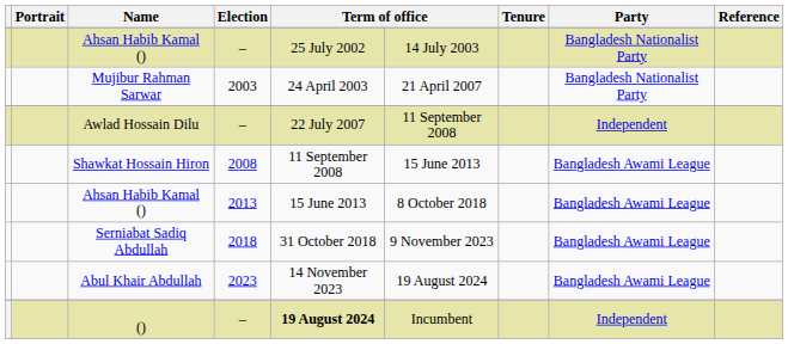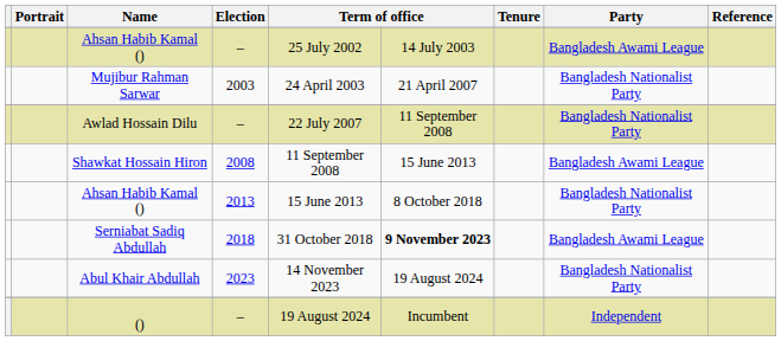 <table class="wikitable" style="text-align:center">
 <tr>
 <th></th>
 <th>Portrait</th>
 <th>Name<br></th>
 <th>Election</th>
 <th colspan=2>Term of office</th>
 <th>Tenure</th>
 <th>Party</th>
 <th>Reference</th>
 </tr>
 <tr>
 </tr>
 <tr style="background:#e6e6aa;">
 <td bgcolor=></td>
 <td align=center></td>
 <td><a href='#'>Ahsan Habib Kamal</a><br> ()</td>
 <td>–</td>
 <td align=center>25 July 2002</td>
 <td align=center>14 July 2003</td>
 <td></td>
-<td><a href='#'>Bangladesh Nationalist Party</a></td>
+<td><a href='#'>Bangladesh Awami League</a></td>
 <td></td>
 </tr>
 <tr>
 <td bgcolor=></td>
 <td align=center></td>
 <td><a href='#'>Mujibur Rahman Sarwar</a></td>
 <td>2003</td>
 <td align=center>24 April 2003</td>
 <td align=center>21 April 2007</td>
 <td></td>
 <td><a href='#'>Bangladesh Nationalist Party</a></td>
 <td></td>
 </tr>
 <tr>
 </tr>
 <tr style="background:#e6e6aa;">
 <td bgcolor=></td>
 <td align=center></td>
 <td>Awlad Hossain Dilu</td>
 <td>–</td>
 <td align=center>22 July 2007</td>
 <td align=center>11 September 2008</td>
 <td></td>
-<td><a href='#'>Independent</a></td>
+<td><a href='#'>Bangladesh Nationalist Party</a></td>
 <td></td>
 </tr>
 <tr>
 <td bgcolor=></td>
 <td align=center></td>
 <td><a href='#'>Shawkat Hossain Hiron</a></td>
 <td><a href='#'>2008</a></td>
 <td align=center>11 September 2008</td>
 <td align=center>15 June 2013</td>
 <td></td>
 <td><a href='#'>Bangladesh Awami League</a></td>
 <td></td>
 </tr>
 <tr>
 <td bgcolor=></td>
 <td align=center></td>
 <td><a href='#'>Ahsan Habib Kamal</a><br>()</td>
 <td><a href='#'>2013</a></td>
 <td align=center>15 June 2013</td>
 <td align=center>8 October 2018</td>
 <td></td>
-<td><a href='#'>Bangladesh Awami League</a></td>
+<td><a href='#'>Bangladesh Nationalist Party</a></td>
 <td></td>
 </tr>
 <tr>
 <td bgcolor=></td>
 <td align=center></td>
 <td><a href='#'>Serniabat Sadiq Abdullah</a></td>
 <td><a href='#'>2018</a></td>
 <td align=center>31 October 2018</td>
-<td align=center>9 November 2023</td>
+<td align=center><strong>9 November 2023</strong></td>
 <td></td>
 <td><a href='#'>Bangladesh Awami League</a></td>
 <td></td>
 </tr>
 <tr>
 <td bgcolor=></td>
 <td align=center></td>
 <td><a href='#'>Abul Khair Abdullah</a></td>
 <td><a href='#'>2023</a></td>
 <td align=center>14 November 2023</td>
 <td align=center>19 August 2024</td>
 <td></td>
-<td><a href='#'>Bangladesh Awami League</a></td>
+<td><a href='#'>Bangladesh Nationalist Party</a></td>
 <td></td>
 </tr>
 <tr>
 </tr>
 <tr style="background:#e6e6aa;">
 <th style="background:"></th>
 <td align=center></td>
 <td> <br>()</td>
 <td>–</td>
-<td align=center><strong>19 August 2024</strong></td>
+<td align=center>19 August 2024</td>
 <td align=center>Incumbent</td>
 <td></td>
 <td><a href='#'>Independent</a></td>
 <td></td>
 </tr>
 </table>
